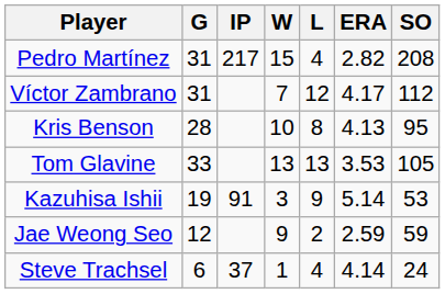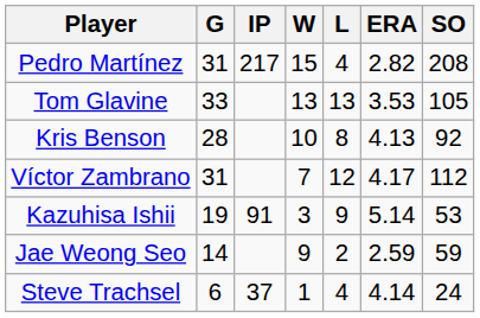 <table class="wikitable sortable">
 <tr>
 <th>Player</th>
 <th>G</th>
 <th>IP</th>
 <th>W</th>
 <th>L</th>
 <th>ERA</th>
 <th>SO</th>
 </tr>
 <tr align="center">
 <td><a href='#'>Pedro Martínez</a></td>
 <td>31</td>
 <td>217</td>
 <td>15</td>
 <td>4</td>
 <td>2.82</td>
 <td>208</td>
 </tr>
 <tr align="center">
-<td><a href='#'>Víctor Zambrano</a></td>
-<td>31</td>
+<td><a href='#'>Tom Glavine</a></td>
+<td>33</td>
 <td></td>
-<td>7</td>
-<td>12</td>
-<td>4.17</td>
-<td>112</td>
+<td>13</td>
+<td>13</td>
+<td>3.53</td>
+<td>105</td>
 </tr>
 <tr align=center>
 <td><a href='#'>Kris Benson</a></td>
 <td>28</td>
 <td></td>
 <td>10</td>
 <td>8</td>
 <td>4.13</td>
-<td>95</td>
+<td>92</td>
 </tr>
 <tr align="center">
-<td><a href='#'>Tom Glavine</a></td>
-<td>33</td>
+<td><a href='#'>Víctor Zambrano</a></td>
+<td>31</td>
 <td></td>
-<td>13</td>
-<td>13</td>
-<td>3.53</td>
-<td>105</td>
+<td>7</td>
+<td>12</td>
+<td>4.17</td>
+<td>112</td>
 </tr>
 <tr align="center">
 <td><a href='#'>Kazuhisa Ishii</a></td>
 <td>19</td>
 <td>91</td>
 <td>3</td>
 <td>9</td>
 <td>5.14</td>
 <td>53</td>
 </tr>
 <tr align="center">
 <td><a href='#'>Jae Weong Seo</a></td>
-<td>12</td>
+<td>14</td>
 <td></td>
 <td>9</td>
 <td>2</td>
 <td>2.59</td>
 <td>59</td>
 </tr>
 <tr align="center">
 <td><a href='#'>Steve Trachsel</a></td>
 <td>6</td>
 <td>37</td>
 <td>1</td>
 <td>4</td>
 <td>4.14</td>
 <td>24</td>
 </tr>
 </table>
